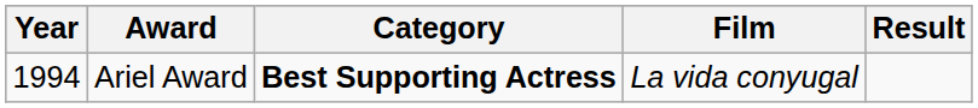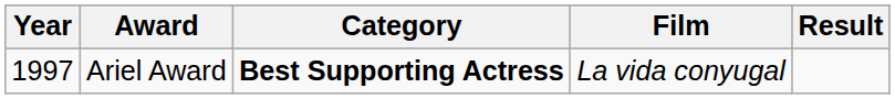 <table class="wikitable">
 <tr style="background:#b0c4de;">
 <th>Year</th>
 <th>Award</th>
 <th>Category</th>
 <th>Film</th>
 <th>Result</th>
 </tr>
 <tr>
-<td>1994</td>
+<td>1997</td>
 <td>Ariel Award</td>
 <td><strong>Best Supporting Actress</strong></td>
 <td><em>La vida conyugal</em></td>
 <td></td>
 </tr>
 </table>
